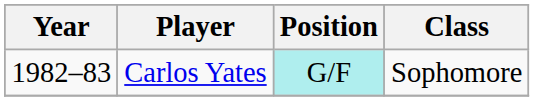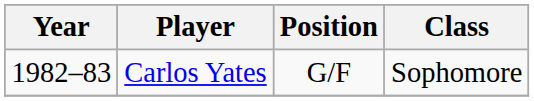 <table class="wikitable">
 <tr>
 <th>Year</th>
 <th>Player</th>
 <th>Position</th>
 <th>Class</th>
 </tr>
 <tr align="center">
 <td>1982–83</td>
 <td><a href='#'>Carlos Yates</a></td>
-<td style="background: paleturquoise;">G/F</td>
+<td>G/F</td>
 <td>Sophomore</td>
 </tr>
 <tr align="center">
 </tr>
 </table>
